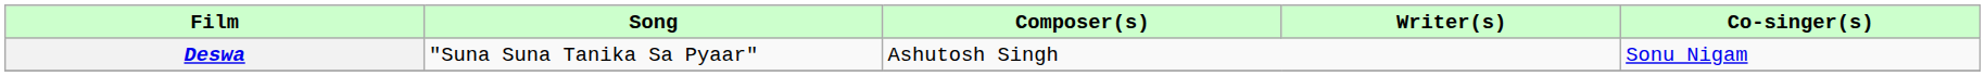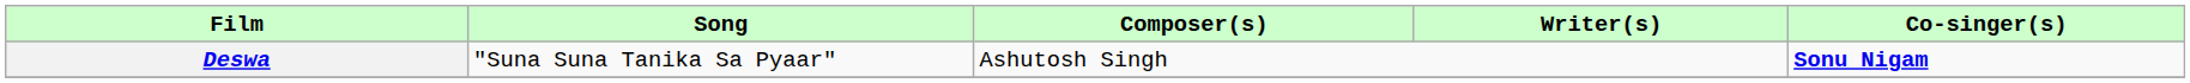 <table class="wikitable plainrowheaders" width="100%" textcolor:#000;">
 <tr style="background:#cfc; text-align:center;">
 <td scope="col" width=21%><strong>Film</strong></td>
 <td scope="col" width=23%><strong>Song</strong></td>
 <td scope="col" width=20%><strong>Composer(s)</strong></td>
 <td scope="col" width=17%><strong>Writer(s)</strong></td>
 <td scope="col" width=18%><strong>Co-singer(s)</strong></td>
 </tr>
 <tr>
 <th scope="row" rowspan="1"><em><a href='#'>Deswa</a></em></th>
 <td>"Suna Suna Tanika Sa Pyaar"</td>
 <td colspan="2">Ashutosh Singh</td>
-<td><a href='#'>Sonu Nigam</a></td>
+<td><strong><a href='#'>Sonu Nigam</a></strong></td>
 </tr>
 <tr>
 </tr>
 </table>
